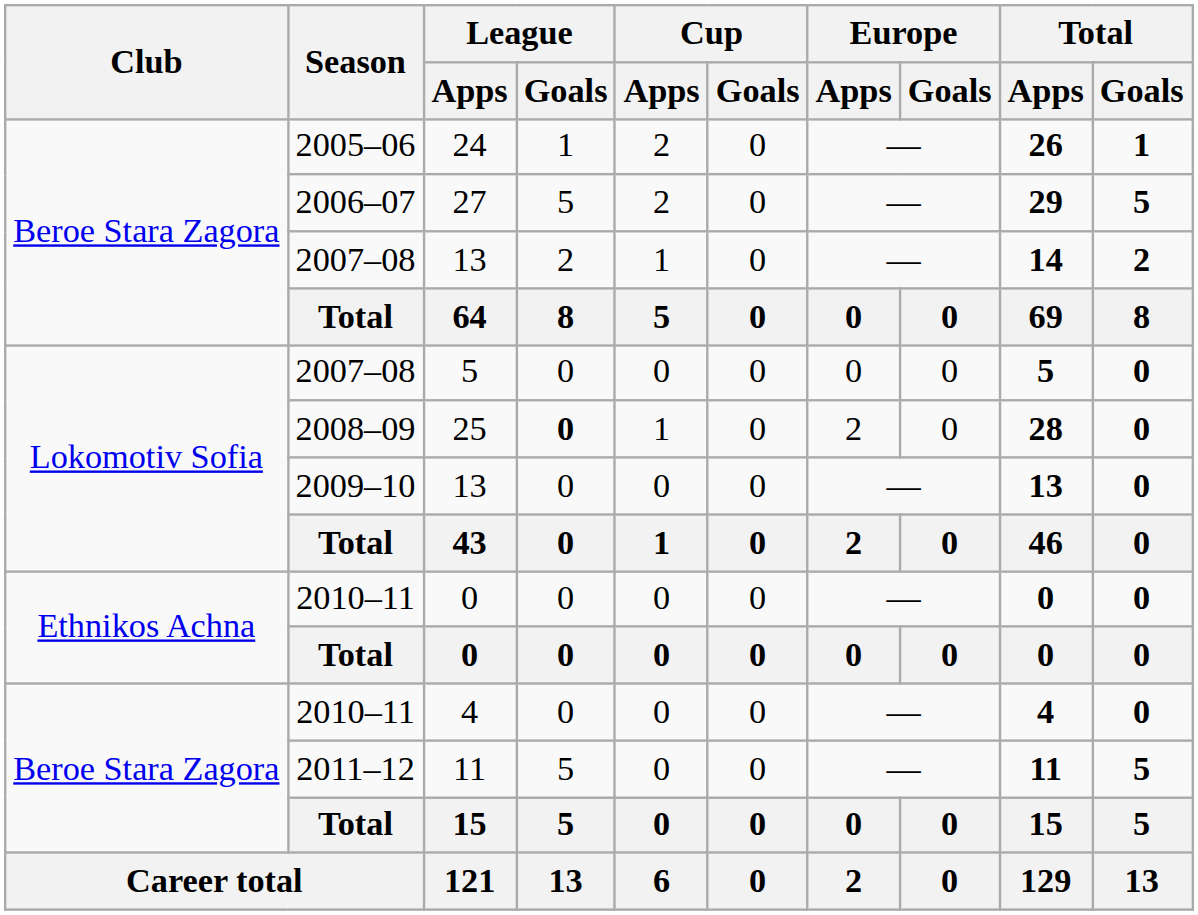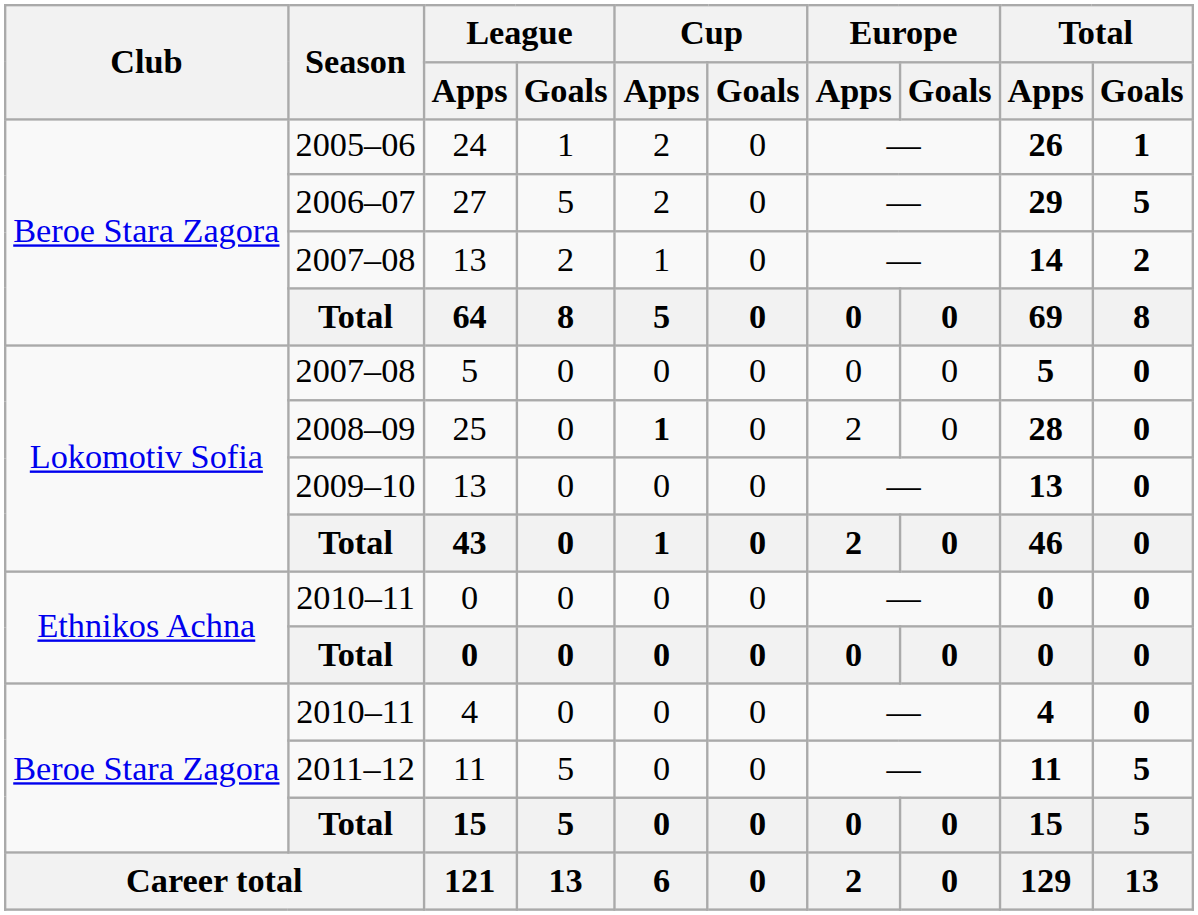 <table class="wikitable" style="font-size:90%; text-align: center">
 <tr>
 <th rowspan=2>Club</th>
 <th rowspan=2>Season</th>
 <th colspan=2>League</th>
 <th colspan=2>Cup</th>
 <th colspan=2>Europe</th>
 <th colspan=2>Total</th>
 </tr>
 <tr>
 <th>Apps</th>
 <th>Goals</th>
 <th>Apps</th>
 <th>Goals</th>
 <th>Apps</th>
 <th>Goals</th>
 <th>Apps</th>
 <th>Goals</th>
 </tr>
 <tr>
 <td rowspan=4><a href='#'>Beroe Stara Zagora</a></td>
 <td>2005–06</td>
 <td>24</td>
 <td>1</td>
 <td>2</td>
 <td>0</td>
 <td colspan="2">—</td>
 <td><strong>26</strong></td>
 <td><strong>1</strong></td>
 </tr>
 <tr>
 <td>2006–07</td>
 <td>27</td>
 <td>5</td>
 <td>2</td>
 <td>0</td>
 <td colspan="2">—</td>
 <td><strong>29</strong></td>
 <td><strong>5</strong></td>
 </tr>
 <tr>
 <td>2007–08</td>
 <td>13</td>
 <td>2</td>
 <td>1</td>
 <td>0</td>
 <td colspan="2">—</td>
 <td><strong>14</strong></td>
 <td><strong>2</strong></td>
 </tr>
 <tr>
 <th colspan=1>Total</th>
 <th>64</th>
 <th>8</th>
 <th>5</th>
 <th>0</th>
 <th>0</th>
 <th>0</th>
 <th>69</th>
 <th>8</th>
 </tr>
 <tr>
 <td rowspan=4><a href='#'>Lokomotiv Sofia</a></td>
 <td>2007–08</td>
 <td>5</td>
 <td>0</td>
 <td>0</td>
 <td>0</td>
 <td>0</td>
 <td>0</td>
 <td><strong>5</strong></td>
 <td><strong>0</strong></td>
 </tr>
 <tr>
 <td>2008–09</td>
 <td>25</td>
-<td><strong>0</strong></td>
-<td>1</td>
+<td>0</td>
+<td><strong>1</strong></td>
 <td>0</td>
 <td>2</td>
 <td>0</td>
 <td><strong>28</strong></td>
 <td><strong>0</strong></td>
 </tr>
 <tr>
 <td>2009–10</td>
 <td>13</td>
 <td>0</td>
 <td>0</td>
 <td>0</td>
 <td colspan="2">—</td>
 <td><strong>13</strong></td>
 <td><strong>0</strong></td>
 </tr>
 <tr>
 <th colspan=1>Total</th>
 <th>43</th>
 <th>0</th>
 <th>1</th>
 <th>0</th>
 <th>2</th>
 <th>0</th>
 <th>46</th>
 <th>0</th>
 </tr>
 <tr>
 <td rowspan=2><a href='#'>Ethnikos Achna</a></td>
 <td>2010–11</td>
 <td>0</td>
 <td>0</td>
 <td>0</td>
 <td>0</td>
 <td colspan="2">—</td>
 <td><strong>0</strong></td>
 <td><strong>0</strong></td>
 </tr>
 <tr>
 <th colspan=1>Total</th>
 <th>0</th>
 <th>0</th>
 <th>0</th>
 <th>0</th>
 <th>0</th>
 <th>0</th>
 <th>0</th>
 <th>0</th>
 </tr>
 <tr>
 <td rowspan=3><a href='#'>Beroe Stara Zagora</a></td>
 <td>2010–11</td>
 <td>4</td>
 <td>0</td>
 <td>0</td>
 <td>0</td>
 <td colspan="2">—</td>
 <td><strong>4</strong></td>
 <td><strong>0</strong></td>
 </tr>
 <tr>
 <td>2011–12</td>
 <td>11</td>
 <td>5</td>
 <td>0</td>
 <td>0</td>
 <td colspan="2">—</td>
 <td><strong>11</strong></td>
 <td><strong>5</strong></td>
 </tr>
 <tr>
 <th colspan=1>Total</th>
 <th>15</th>
 <th>5</th>
 <th>0</th>
 <th>0</th>
 <th>0</th>
 <th>0</th>
 <th>15</th>
 <th>5</th>
 </tr>
 <tr>
 <th colspan=2>Career total</th>
 <th>121</th>
 <th>13</th>
 <th>6</th>
 <th>0</th>
 <th>2</th>
 <th>0</th>
 <th>129</th>
 <th>13</th>
 </tr>
 </table>
